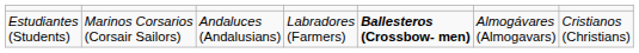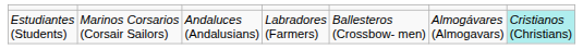 <table class="wikitable" style="margin-left: auto; margin-right: auto; border: none;">
 <tr>
 <td></td>
 <td></td>
 <td></td>
 <td></td>
 <td></td>
 <td></td>
 <td></td>
 </tr>
 <tr>
 <td><em>Estudiantes</em><br>(Students)</td>
 <td><em>Marinos Corsarios</em><br>(Corsair Sailors)</td>
 <td><em>Andaluces</em><br>(Andalusians)</td>
 <td><em>Labradores</em><br>(Farmers)</td>
-<td><strong><em>Ballesteros</em><br>(Crossbow- men)</strong></td>
+<td><em>Ballesteros</em><br>(Crossbow- men)</td>
 <td><em>Almogávares</em><br>(Almogavars)</td>
-<td><em>Cristianos</em><br>(Christians)</td>
+<td style="background: paleturquoise;"><em>Cristianos</em><br>(Christians)</td>
 </tr>
 </table>
